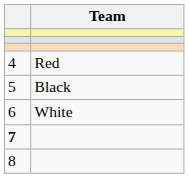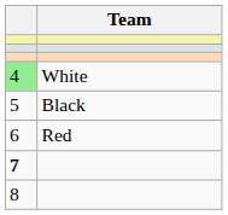 <table class="wikitable">
 <tr>
 <th width=20></th>
 <th width=150>Team</th>
 </tr>
 <tr style="background:#F7F6A8;">
 <td style="text-align:center;"></td>
 <td></td>
 </tr>
 <tr style="background:#DCE5E5;">
 <td style="text-align:center;"></td>
 <td></td>
 </tr>
 <tr style="background:#FFDAB9;">
 <td style="text-align:center;"></td>
 <td></td>
 </tr>
 <tr>
-<td>4</td>
-<td> Red</td>
+<td style="background: lightgreen;">4</td>
+<td> White</td>
 </tr>
 <tr>
 <td>5</td>
 <td> Black</td>
 </tr>
 <tr>
 <td>6</td>
-<td> White</td>
+<td> Red</td>
 </tr>
 <tr>
 <td><strong>7</strong></td>
 <td></td>
 </tr>
 <tr>
 <td>8</td>
 <td></td>
 </tr>
 </table>
